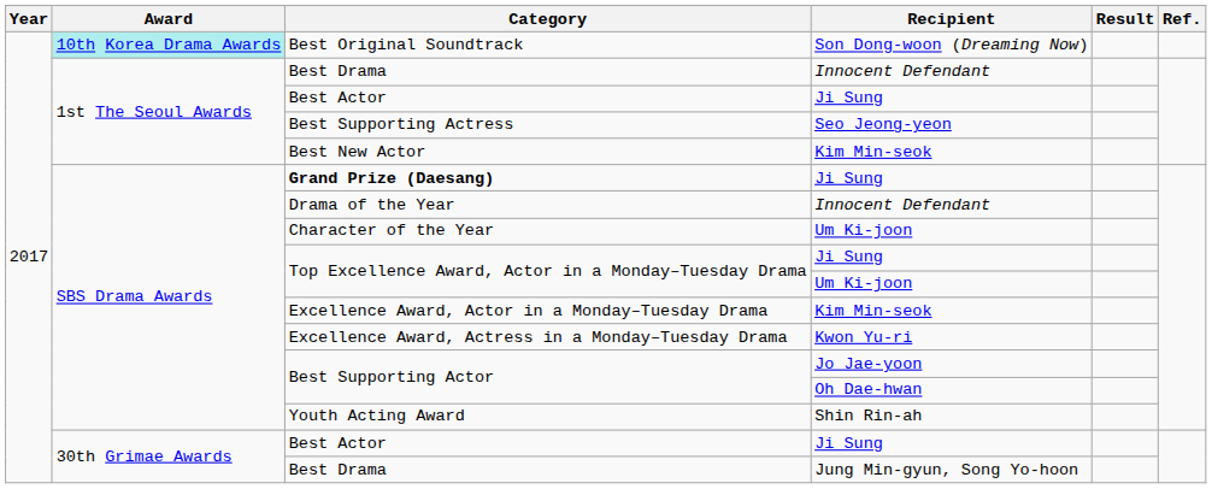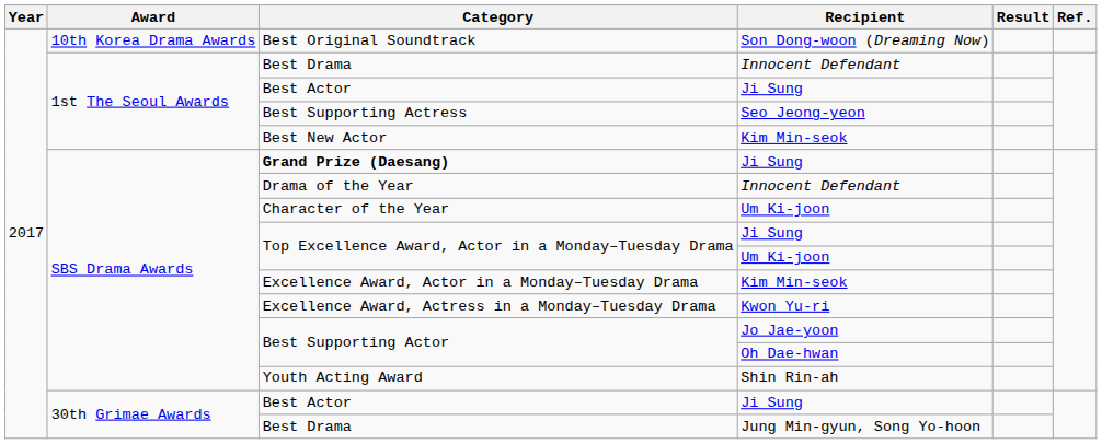 <table class="wikitable">
 <tr>
 <th>Year</th>
 <th>Award</th>
 <th>Category</th>
 <th>Recipient</th>
 <th>Result</th>
 <th>Ref.</th>
 </tr>
 <tr>
 <td rowspan="17">2017</td>
-<td style="background: paleturquoise;"><a href='#'>10th</a> <a href='#'>Korea Drama Awards</a></td>
+<td><a href='#'>10th</a> <a href='#'>Korea Drama Awards</a></td>
 <td>Best Original Soundtrack</td>
 <td><a href='#'>Son Dong-woon</a> (<em>Dreaming Now</em>)</td>
 <td></td>
 <td></td>
 </tr>
 <tr>
 <td rowspan="4">1st <a href='#'>The Seoul Awards</a></td>
 <td>Best Drama</td>
 <td><em>Innocent Defendant</em></td>
 <td></td>
 <td rowspan="4"></td>
 </tr>
 <tr>
 <td>Best Actor</td>
 <td><a href='#'>Ji Sung</a></td>
 <td></td>
 </tr>
 <tr>
 <td>Best Supporting Actress</td>
 <td><a href='#'>Seo Jeong-yeon</a></td>
 <td></td>
 </tr>
 <tr>
 <td>Best New Actor</td>
 <td><a href='#'>Kim Min-seok</a></td>
 <td></td>
 </tr>
 <tr>
 <td rowspan=10><a href='#'>SBS Drama Awards</a></td>
 <td><strong>Grand Prize (Daesang)</strong></td>
 <td><a href='#'>Ji Sung</a></td>
 <td></td>
 <td rowspan=10></td>
 </tr>
 <tr>
 <td>Drama of the Year</td>
 <td><em>Innocent Defendant</em></td>
 <td></td>
 </tr>
 <tr>
 <td>Character of the Year</td>
 <td><a href='#'>Um Ki-joon</a></td>
 <td></td>
 </tr>
 <tr>
 <td rowspan=2>Top Excellence Award, Actor in a Monday–Tuesday Drama</td>
 <td><a href='#'>Ji Sung</a></td>
 <td></td>
 </tr>
 <tr>
 <td><a href='#'>Um Ki-joon</a></td>
 <td></td>
 </tr>
 <tr>
 <td>Excellence Award, Actor in a Monday–Tuesday Drama</td>
 <td><a href='#'>Kim Min-seok</a></td>
 <td></td>
 </tr>
 <tr>
 <td>Excellence Award, Actress in a Monday–Tuesday Drama</td>
 <td><a href='#'>Kwon Yu-ri</a></td>
 <td></td>
 </tr>
 <tr>
 <td rowspan=2>Best Supporting Actor</td>
 <td><a href='#'>Jo Jae-yoon</a></td>
 <td></td>
 </tr>
 <tr>
 <td><a href='#'>Oh Dae-hwan</a></td>
 <td></td>
 </tr>
 <tr>
 <td>Youth Acting Award</td>
 <td>Shin Rin-ah</td>
 <td></td>
 </tr>
 <tr>
 <td rowspan="2">30th <a href='#'>Grimae Awards</a></td>
 <td>Best Actor</td>
 <td><a href='#'>Ji Sung</a></td>
 <td></td>
 <td rowspan="2"></td>
 </tr>
 <tr>
 <td>Best Drama</td>
 <td>Jung Min-gyun, Song Yo-hoon</td>
 <td></td>
 </tr>
 </table>
